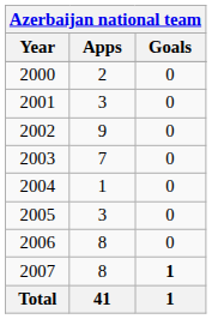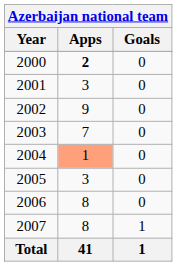 <table class="wikitable" style="text-align:center">
 <tr>
 <th colspan=3><a href='#'>Azerbaijan national team</a></th>
 </tr>
 <tr>
 <th>Year</th>
 <th>Apps</th>
 <th>Goals</th>
 </tr>
 <tr>
 </tr>
 <tr>
 <td>2000</td>
-<td>2</td>
+<td><strong>2</strong></td>
 <td>0</td>
 </tr>
 <tr>
 <td>2001</td>
 <td>3</td>
 <td>0</td>
 </tr>
 <tr>
 <td>2002</td>
 <td>9</td>
 <td>0</td>
 </tr>
 <tr>
 <td>2003</td>
 <td>7</td>
 <td>0</td>
 </tr>
 <tr>
 <td>2004</td>
-<td>1</td>
+<td style="background: lightsalmon;">1</td>
 <td>0</td>
 </tr>
 <tr>
 <td>2005</td>
 <td>3</td>
 <td>0</td>
 </tr>
 <tr>
 <td>2006</td>
 <td>8</td>
 <td>0</td>
 </tr>
 <tr>
 <td>2007</td>
 <td>8</td>
-<td><strong>1</strong></td>
+<td>1</td>
 </tr>
 <tr>
 <th>Total</th>
 <th>41</th>
 <th>1</th>
 </tr>
 </table>
